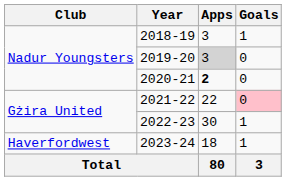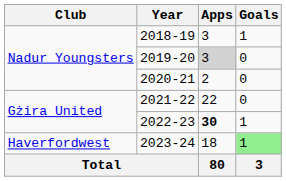 <table class="wikitable" style="test-align:center">
 <tr>
 <th>Club</th>
 <th>Year</th>
 <th>Apps</th>
 <th>Goals</th>
 </tr>
 <tr>
 <td rowspan=3><a href='#'>Nadur Youngsters</a></td>
 <td>2018-19</td>
 <td>3</td>
 <td>1</td>
 </tr>
 <tr>
 <td>2019-20</td>
 <td style="background: lightgrey;">3</td>
 <td>0</td>
 </tr>
 <tr>
 <td>2020-21</td>
-<td><strong>2</strong></td>
+<td>2</td>
 <td>0</td>
 </tr>
 <tr>
 <td rowspan=2><a href='#'>Gżira United</a></td>
 <td>2021-22</td>
 <td>22</td>
-<td style="background: pink;">0</td>
+<td>0</td>
 </tr>
 <tr>
 <td>2022-23</td>
-<td>30</td>
+<td><strong>30</strong></td>
 <td>1</td>
 </tr>
 <tr>
 <td rowspan=1><a href='#'>Haverfordwest</a></td>
 <td>2023-24</td>
 <td>18</td>
-<td>1</td>
+<td style="background: lightgreen;">1</td>
 </tr>
 <tr>
 <th colspan=2>Total</th>
 <th>80</th>
 <th>3</th>
 </tr>
 </table>
